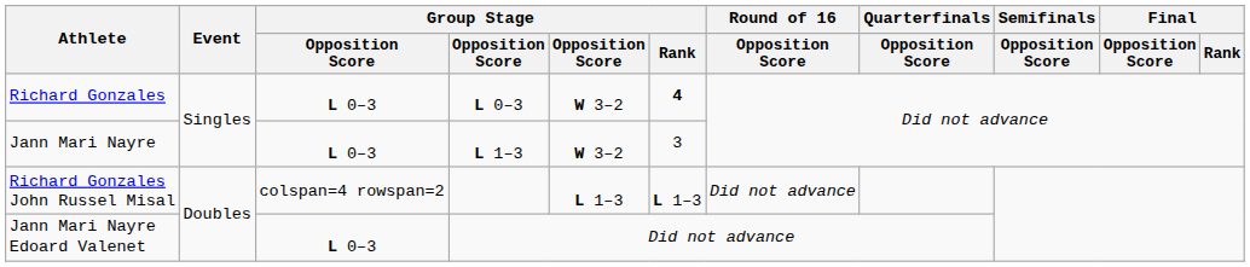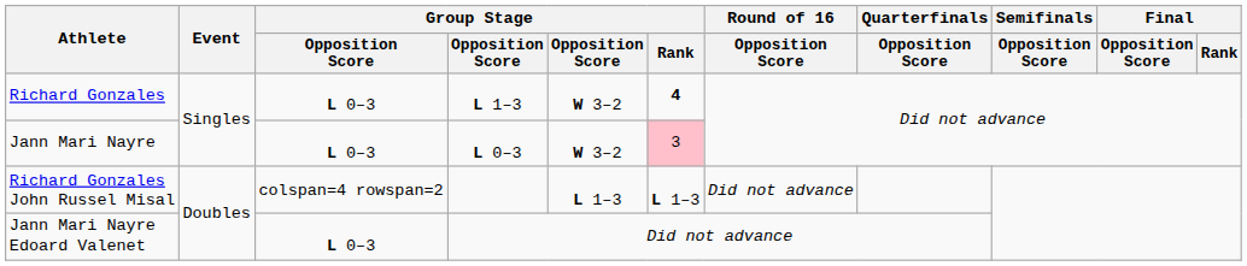 <table class="wikitable" style="font-size:90%">
 <tr>
 <th rowspan=2>Athlete</th>
 <th rowspan=2>Event</th>
 <th colspan=4>Group Stage</th>
 <th>Round of 16</th>
 <th>Quarterfinals</th>
 <th>Semifinals</th>
 <th colspan=2>Final</th>
 </tr>
 <tr style="font-size:95%">
 <th>Opposition<br>Score</th>
 <th>Opposition<br>Score</th>
 <th>Opposition<br>Score</th>
 <th>Rank</th>
 <th>Opposition<br>Score</th>
 <th>Opposition<br>Score</th>
 <th>Opposition<br>Score</th>
 <th>Opposition<br>Score</th>
 <th>Rank</th>
 </tr>
 <tr align=center>
 <td align=left><a href='#'>Richard Gonzales</a></td>
 <td align=left rowspan=2>Singles</td>
 <td><br><strong>L</strong> 0–3</td>
-<td><br><strong>L</strong> 0–3</td>
+<td><br><strong>L</strong> 1–3</td>
 <td><br><strong>W</strong> 3–2</td>
 <td><strong>4</strong></td>
 <td colspan=5 rowspan=2><em>Did not advance</em></td>
 </tr>
 <tr align=center>
 <td align=left>Jann Mari Nayre</td>
 <td><br><strong>L</strong> 0–3</td>
-<td><br><strong>L</strong> 1–3</td>
+<td><br><strong>L</strong> 0–3</td>
 <td><br><strong>W</strong> 3–2</td>
-<td>3</td>
+<td style="background: pink;">3</td>
 </tr>
 <tr align=center>
 <td align=left><a href='#'>Richard Gonzales</a><br>John Russel Misal</td>
 <td align=left rowspan=2>Doubles</td>
 <td>colspan=4 rowspan=2 </td>
 <td></td>
 <td><br><strong>L</strong> 1–3</td>
 <td><br><strong>L</strong> 1–3</td>
 <td><em>Did not advance</em></td>
 <td></td>
 </tr>
 <tr align=center>
 <td align=left>Jann Mari Nayre<br>Edoard Valenet</td>
 <td><br><strong>L</strong> 0–3</td>
 <td colspan=5><em>Did not advance</em></td>
 </tr>
 </table>
